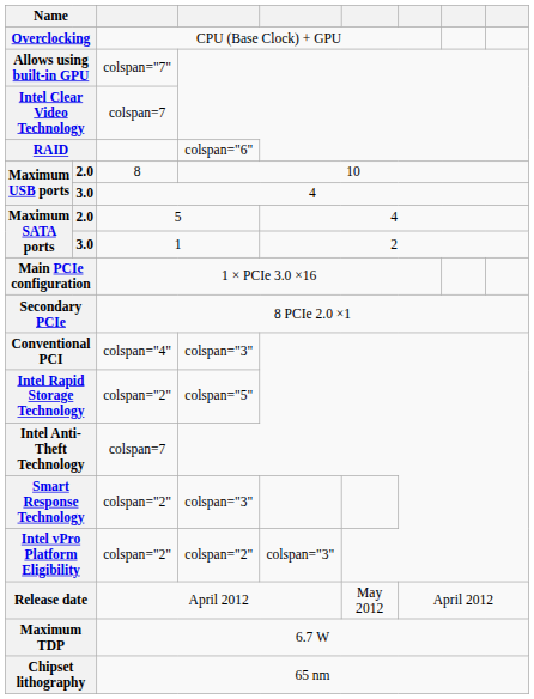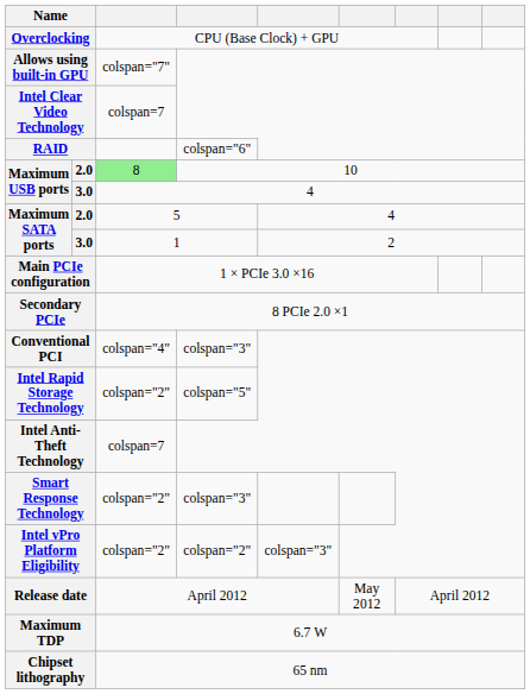 <table class="wikitable sticky-header" style="text-align: center">
 <tr>
 <th colspan="2" style="width:250px;">Name</th>
 <th style="width:100px;"></th>
 <th style="width:100px;"></th>
 <th style="width:100px;"></th>
 <th style="width:100px;"></th>
 <th style="width:100px;"></th>
 <th style="width:100px;"></th>
 <th style="width:100px;"></th>
 </tr>
 <tr>
 <th colspan="2"><a href='#'>Overclocking</a></th>
 <td colspan="5">CPU (Base Clock) + GPU</td>
 <td></td>
 <td></td>
 </tr>
 <tr>
 <th colspan="2">Allows using <a href='#'>built-in GPU</a></th>
 <td>colspan="7" </td>
 </tr>
 <tr>
 <th colspan="2"><a href='#'>Intel Clear Video Technology</a></th>
 <td>colspan=7 </td>
 </tr>
 <tr>
 <th colspan="2"><a href='#'>RAID</a></th>
 <td></td>
 <td>colspan="6" </td>
 </tr>
 <tr>
 <th rowspan="2">Maximum <br> <a href='#'>USB</a> ports</th>
 <th>2.0</th>
-<td>8</td>
+<td style="background: lightgreen;">8</td>
 <td colspan="6">10</td>
 </tr>
 <tr>
 <th>3.0</th>
 <td colspan="7">4</td>
 </tr>
 <tr>
 <th rowspan="2">Maximum <br> <a href='#'>SATA</a> ports</th>
 <th>2.0</th>
 <td colspan="2">5</td>
 <td colspan="5">4</td>
 </tr>
 <tr>
 <th>3.0</th>
 <td colspan="2">1</td>
 <td colspan="5">2</td>
 </tr>
 <tr>
 <th colspan="2">Main <a href='#'>PCIe</a> configuration</th>
 <td colspan="5">1 × PCIe 3.0 ×16</td>
 <td></td>
 <td></td>
 </tr>
 <tr>
 <th colspan="2">Secondary <a href='#'>PCIe</a></th>
 <td colspan="7">8 PCIe 2.0 ×1</td>
 </tr>
 <tr>
 <th colspan="2">Conventional PCI</th>
 <td>colspan="4" </td>
 <td>colspan="3"  </td>
 </tr>
 <tr>
 <th colspan="2"><a href='#'>Intel Rapid Storage Technology</a></th>
 <td>colspan="2" </td>
 <td>colspan="5" </td>
 </tr>
 <tr>
 <th colspan="2">Intel Anti-Theft Technology</th>
 <td>colspan=7 </td>
 </tr>
 <tr>
 <th colspan="2"><a href='#'>Smart Response Technology</a></th>
 <td>colspan="2" </td>
 <td>colspan="3" </td>
 <td></td>
 <td></td>
 </tr>
 <tr>
 <th colspan="2"><a href='#'>Intel vPro Platform Eligibility</a></th>
 <td>colspan="2" </td>
 <td>colspan="2" </td>
 <td>colspan="3" </td>
 </tr>
 <tr>
 <th colspan="2">Release date</th>
 <td colspan="3">April 2012</td>
 <td>May 2012</td>
 <td colspan="3">April 2012</td>
 </tr>
 <tr>
 <th colspan="2">Maximum TDP</th>
 <td colspan="7">6.7 W</td>
 </tr>
 <tr>
 <th colspan="2">Chipset lithography</th>
 <td colspan="7">65 nm</td>
 </tr>
 </table>
